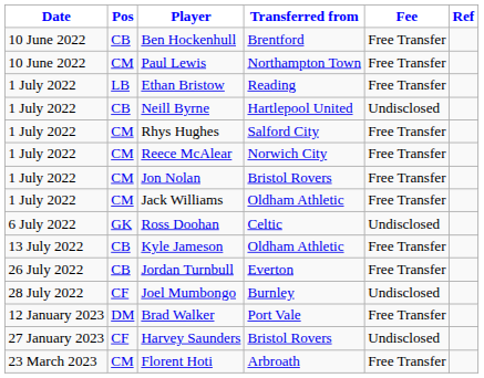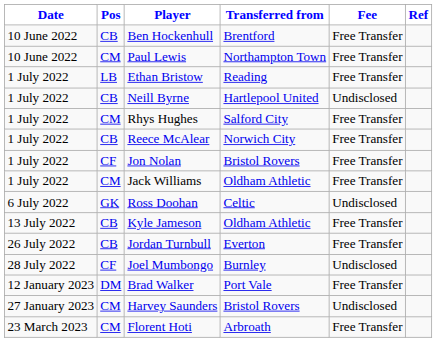 <table class="wikitable plainrowheaders sortable">
 <tr>
 <th style="background:#FFFFFF; color:#0000FF; ">Date</th>
 <th style="background:#FFFFFF; color:#0000FF; ">Pos</th>
 <th style="background:#FFFFFF; color:#0000FF; ">Player</th>
 <th style="background:#FFFFFF; color:#0000FF; ">Transferred from</th>
 <th style="background:#FFFFFF; color:#0000FF; ">Fee</th>
 <th style="background:#FFFFFF; color:#0000FF; ">Ref</th>
 </tr>
 <tr>
 <td>10 June 2022</td>
 <td><a href='#'>CB</a></td>
 <td> <a href='#'>Ben Hockenhull</a></td>
 <td> <a href='#'>Brentford</a></td>
 <td>Free Transfer</td>
 <td></td>
 </tr>
 <tr>
 <td>10 June 2022</td>
 <td><a href='#'>CM</a></td>
 <td> <a href='#'>Paul Lewis</a></td>
 <td> <a href='#'>Northampton Town</a></td>
 <td>Free Transfer</td>
 <td></td>
 </tr>
 <tr>
 <td>1 July 2022</td>
 <td><a href='#'>LB</a></td>
 <td> <a href='#'>Ethan Bristow</a></td>
 <td> <a href='#'>Reading</a></td>
 <td>Free Transfer</td>
 <td></td>
 </tr>
 <tr>
 <td>1 July 2022</td>
 <td><a href='#'>CB</a></td>
 <td> <a href='#'>Neill Byrne</a></td>
 <td> <a href='#'>Hartlepool United</a></td>
 <td>Undisclosed</td>
 <td></td>
 </tr>
 <tr>
 <td>1 July 2022</td>
 <td><a href='#'>CM</a></td>
 <td> Rhys Hughes</td>
 <td> <a href='#'>Salford City</a></td>
 <td>Free Transfer</td>
 <td></td>
 </tr>
 <tr>
 <td>1 July 2022</td>
-<td><a href='#'>CM</a></td>
+<td><a href='#'>CB</a></td>
 <td> <a href='#'>Reece McAlear</a></td>
 <td> <a href='#'>Norwich City</a></td>
 <td>Free Transfer</td>
 <td></td>
 </tr>
 <tr>
 <td>1 July 2022</td>
-<td><a href='#'>CM</a></td>
+<td><a href='#'>CF</a></td>
 <td> <a href='#'>Jon Nolan</a></td>
 <td> <a href='#'>Bristol Rovers</a></td>
 <td>Free Transfer</td>
 <td></td>
 </tr>
 <tr>
 <td>1 July 2022</td>
 <td><a href='#'>CM</a></td>
 <td> Jack Williams</td>
 <td> <a href='#'>Oldham Athletic</a></td>
 <td>Free Transfer</td>
 <td></td>
 </tr>
 <tr>
 <td>6 July 2022</td>
 <td><a href='#'>GK</a></td>
 <td> <a href='#'>Ross Doohan</a></td>
 <td> <a href='#'>Celtic</a></td>
 <td>Undisclosed</td>
 <td></td>
 </tr>
 <tr>
 <td>13 July 2022</td>
 <td><a href='#'>CB</a></td>
 <td> <a href='#'>Kyle Jameson</a></td>
 <td> <a href='#'>Oldham Athletic</a></td>
 <td>Free Transfer</td>
 <td></td>
 </tr>
 <tr>
 <td>26 July 2022</td>
 <td><a href='#'>CB</a></td>
 <td> <a href='#'>Jordan Turnbull</a></td>
 <td> <a href='#'>Everton</a></td>
 <td>Free Transfer</td>
 <td></td>
 </tr>
 <tr>
 <td>28 July 2022</td>
 <td><a href='#'>CF</a></td>
 <td> <a href='#'>Joel Mumbongo</a></td>
 <td> <a href='#'>Burnley</a></td>
 <td>Undisclosed</td>
 <td></td>
 </tr>
 <tr>
 <td>12 January 2023</td>
 <td><a href='#'>DM</a></td>
 <td> <a href='#'>Brad Walker</a></td>
 <td> <a href='#'>Port Vale</a></td>
 <td>Free Transfer</td>
 <td></td>
 </tr>
 <tr>
 <td>27 January 2023</td>
-<td><a href='#'>CF</a></td>
+<td><a href='#'>CM</a></td>
 <td> <a href='#'>Harvey Saunders</a></td>
 <td> <a href='#'>Bristol Rovers</a></td>
 <td>Undisclosed</td>
 <td></td>
 </tr>
 <tr>
 <td>23 March 2023</td>
 <td><a href='#'>CM</a></td>
 <td> <a href='#'>Florent Hoti</a></td>
 <td> <a href='#'>Arbroath</a></td>
 <td>Free Transfer</td>
 <td></td>
 </tr>
 </table>
